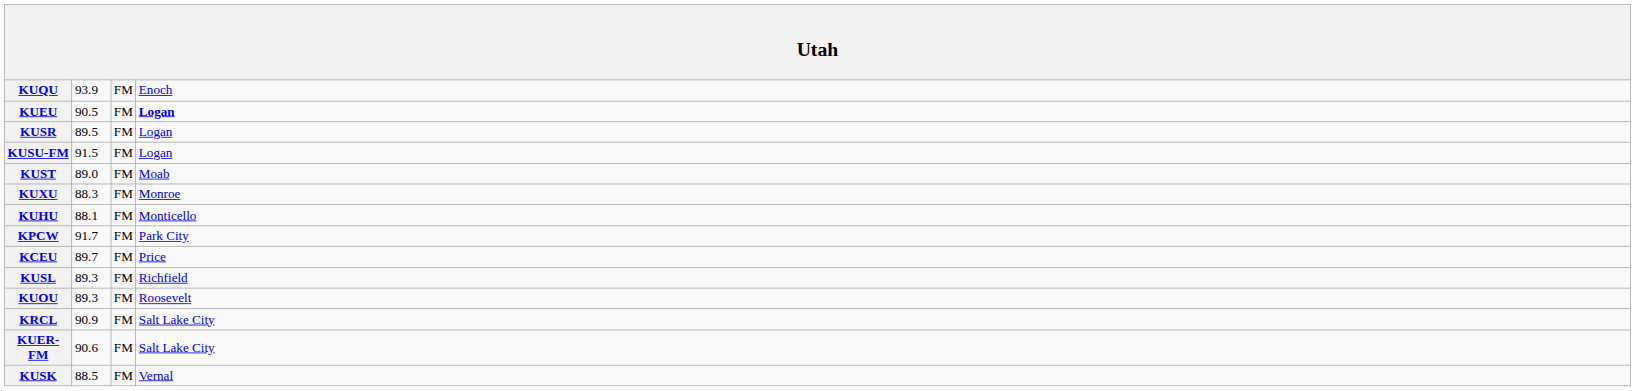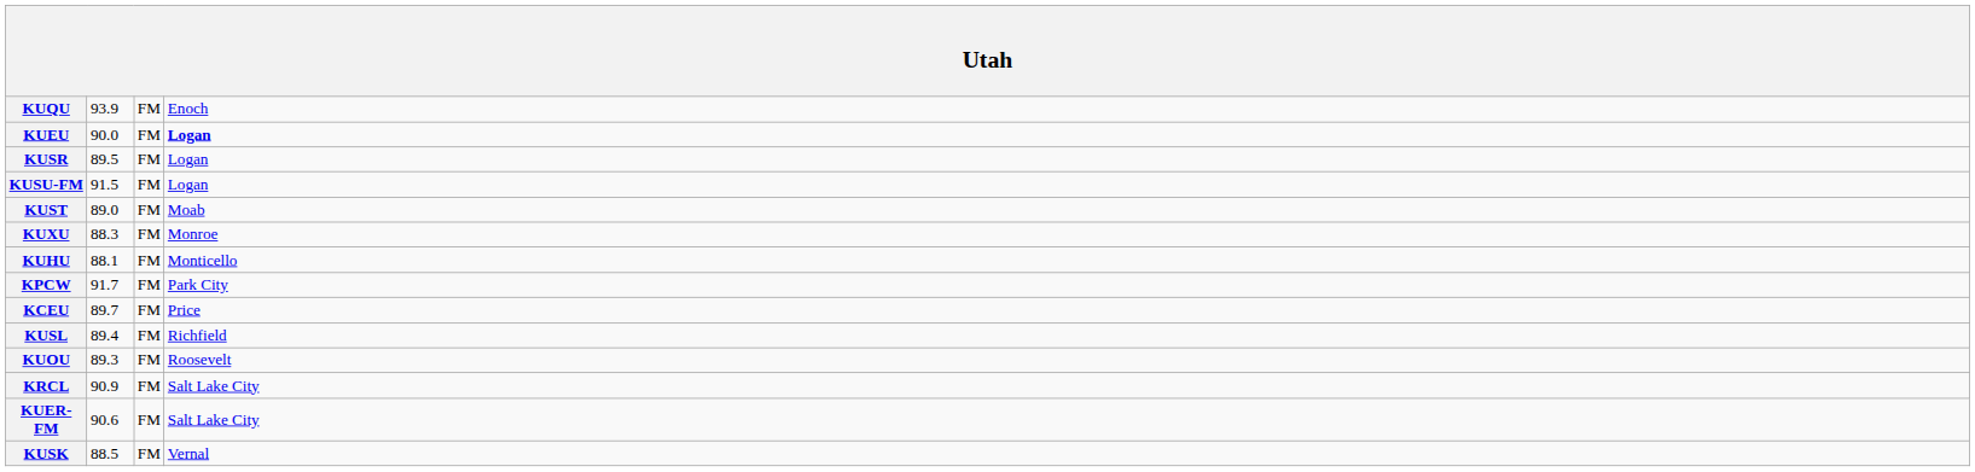 <table class="wikitable mw-collapsible" style="width:100%">
 <tr>
 <th scope="col" colspan="4"><br><h2>Utah</h2></th>
 </tr>
 <tr>
 <th scope="row" style="width: 75px;"><a href='#'>KUQU</a></th>
 <td style="width: 40px;">93.9</td>
 <td style="width: 21px;">FM</td>
 <td><a href='#'>Enoch</a></td>
 </tr>
 <tr>
 <th scope="row"><a href='#'>KUEU</a></th>
-<td>90.5</td>
+<td>90.0</td>
 <td>FM</td>
 <td><strong><a href='#'>Logan</a></strong></td>
 </tr>
 <tr>
 <th scope="row"><a href='#'>KUSR</a></th>
 <td>89.5</td>
 <td>FM</td>
 <td><a href='#'>Logan</a></td>
 </tr>
 <tr>
 <th scope="row"><a href='#'>KUSU-FM</a></th>
 <td>91.5</td>
 <td>FM</td>
 <td><a href='#'>Logan</a></td>
 </tr>
 <tr>
 <th scope="row"><a href='#'>KUST</a></th>
 <td>89.0</td>
 <td>FM</td>
 <td><a href='#'>Moab</a></td>
 </tr>
 <tr>
 <th scope="row"><a href='#'>KUXU</a></th>
 <td>88.3</td>
 <td>FM</td>
 <td><a href='#'>Monroe</a></td>
 </tr>
 <tr>
 <th scope="row"><a href='#'>KUHU</a></th>
 <td>88.1</td>
 <td>FM</td>
 <td><a href='#'>Monticello</a></td>
 </tr>
 <tr>
 <th scope="row"><a href='#'>KPCW</a></th>
 <td>91.7</td>
 <td>FM</td>
 <td><a href='#'>Park City</a></td>
 </tr>
 <tr>
 <th scope="row"><a href='#'>KCEU</a></th>
 <td>89.7</td>
 <td>FM</td>
 <td><a href='#'>Price</a></td>
 </tr>
 <tr>
 <th scope="row"><a href='#'>KUSL</a></th>
-<td>89.3</td>
+<td>89.4</td>
 <td>FM</td>
 <td><a href='#'>Richfield</a></td>
 </tr>
 <tr>
 <th scope="row"><a href='#'>KUOU</a></th>
 <td>89.3</td>
 <td>FM</td>
 <td><a href='#'>Roosevelt</a></td>
 </tr>
 <tr>
 <th scope="row"><a href='#'>KRCL</a></th>
 <td>90.9</td>
 <td>FM</td>
 <td><a href='#'>Salt Lake City</a></td>
 </tr>
 <tr>
 <th scope="row"><a href='#'>KUER-FM</a></th>
 <td>90.6</td>
 <td>FM</td>
 <td><a href='#'>Salt Lake City</a></td>
 </tr>
 <tr>
 <th scope="row"><a href='#'>KUSK</a></th>
 <td>88.5</td>
 <td>FM</td>
 <td><a href='#'>Vernal</a></td>
 </tr>
 </table>
